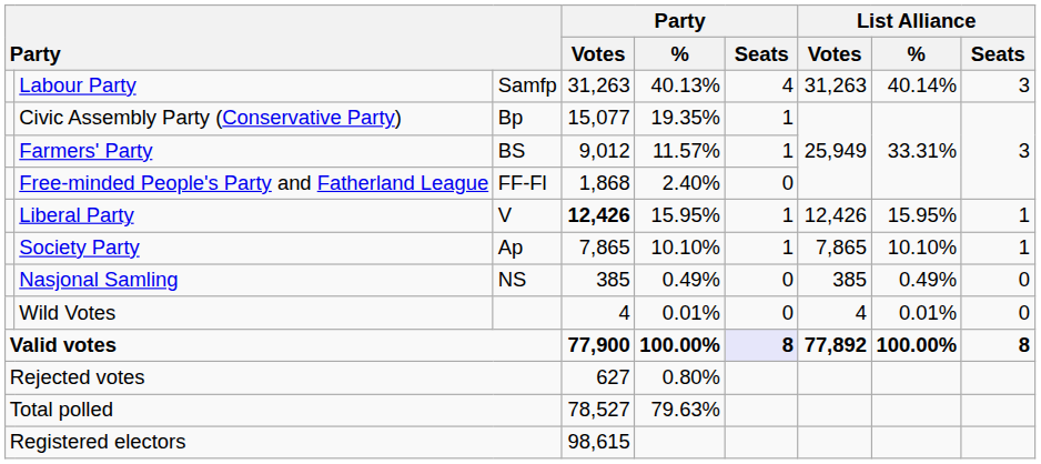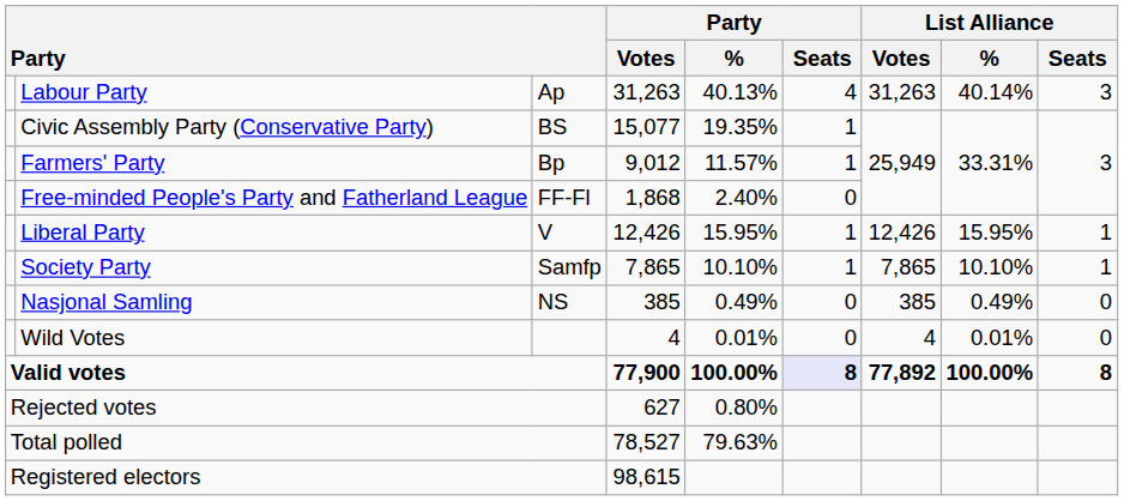 <table class="wikitable" border="1" style="text-align:right;">
 <tr>
 <th style="text-align:left;" valign=bottom rowspan=2 colspan=3>Party</th>
 <th colspan=3>Party</th>
 <th colspan=3>List Alliance</th>
 </tr>
 <tr>
 <th align=center valign=bottom width="50">Votes</th>
 <th align=center valign=bottom width="50">%</th>
 <th align=center valign=bottom width="50">Seats</th>
 <th align=center valign=bottom width="50">Votes</th>
 <th align=center valign=bottom width="50">%</th>
 <th align=center valign=bottom width="50">Seats</th>
 </tr>
 <tr>
 <td style="color:inherit;background:"></td>
 <td align=left><a href='#'>Labour Party</a></td>
-<td align=left>Samfp</td>
+<td align=left>Ap</td>
 <td>31,263</td>
 <td>40.13%</td>
 <td>4</td>
 <td>31,263</td>
 <td>40.14%</td>
 <td>3</td>
 </tr>
 <tr>
 <td></td>
 <td align=left>Civic Assembly Party (<a href='#'>Conservative Party</a>)</td>
-<td align=left>Bp</td>
+<td align=left>BS</td>
 <td>15,077</td>
 <td>19.35%</td>
 <td>1</td>
 <td rowspan=3>25,949</td>
 <td rowspan=3>33.31%</td>
 <td rowspan=3>3</td>
 </tr>
 <tr>
 <td style="color:inherit;background:"></td>
 <td align=left><a href='#'>Farmers' Party</a></td>
-<td align=left>BS</td>
+<td align=left>Bp</td>
 <td>9,012</td>
 <td>11.57%</td>
 <td>1</td>
 </tr>
 <tr>
 <td></td>
 <td align=left><a href='#'>Free-minded People's Party</a> and <a href='#'>Fatherland League</a></td>
 <td align=left>FF-Fl</td>
 <td>1,868</td>
 <td>2.40%</td>
 <td>0</td>
 </tr>
 <tr>
 <td style="color:inherit;background:"></td>
 <td align=left><a href='#'>Liberal Party</a></td>
 <td align=left>V</td>
-<td><strong>12,426</strong></td>
+<td>12,426</td>
 <td>15.95%</td>
 <td>1</td>
 <td>12,426</td>
 <td>15.95%</td>
 <td>1</td>
 </tr>
 <tr>
 <td></td>
 <td align=left><a href='#'>Society Party</a></td>
-<td align=left>Ap</td>
+<td align=left>Samfp</td>
 <td>7,865</td>
 <td>10.10%</td>
 <td>1</td>
 <td>7,865</td>
 <td>10.10%</td>
 <td>1</td>
 </tr>
 <tr>
 <td style="color:inherit;background:"></td>
 <td align=left><a href='#'>Nasjonal Samling</a></td>
 <td align=left>NS</td>
 <td>385</td>
 <td>0.49%</td>
 <td>0</td>
 <td>385</td>
 <td>0.49%</td>
 <td>0</td>
 </tr>
 <tr>
 <td></td>
 <td align=left>Wild Votes</td>
 <td align=left></td>
 <td>4</td>
 <td>0.01%</td>
 <td>0</td>
 <td>4</td>
 <td>0.01%</td>
 <td>0</td>
 </tr>
 <tr style="font-weight:bold">
 <td align=left colspan=3>Valid votes</td>
 <td>77,900</td>
 <td>100.00%</td>
 <td style="background: lavender;">8</td>
 <td>77,892</td>
 <td>100.00%</td>
 <td>8</td>
 </tr>
 <tr>
 <td align=left colspan=3>Rejected votes</td>
 <td>627</td>
 <td>0.80%</td>
 <td></td>
 <td></td>
 <td></td>
 <td></td>
 </tr>
 <tr>
 <td align=left colspan=3>Total polled</td>
 <td>78,527</td>
 <td>79.63%</td>
 <td></td>
 <td></td>
 <td></td>
 <td></td>
 </tr>
 <tr>
 <td align=left colspan=3>Registered electors</td>
 <td>98,615</td>
 <td></td>
 <td></td>
 <td></td>
 <td></td>
 <td></td>
 </tr>
 </table>
